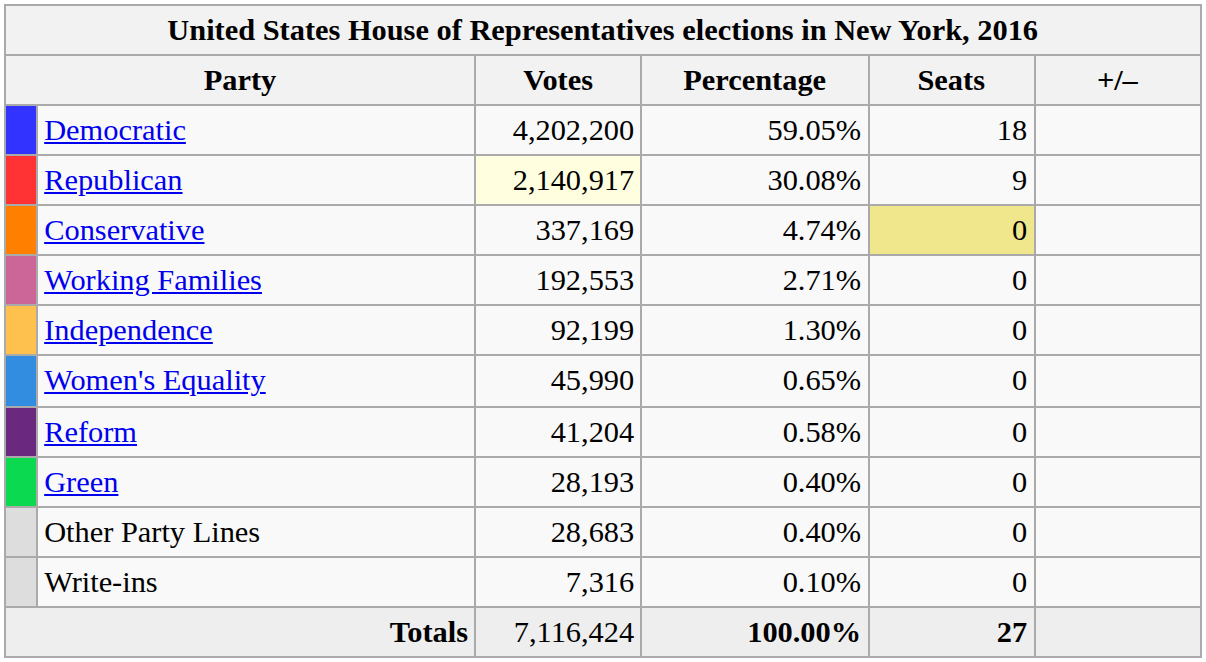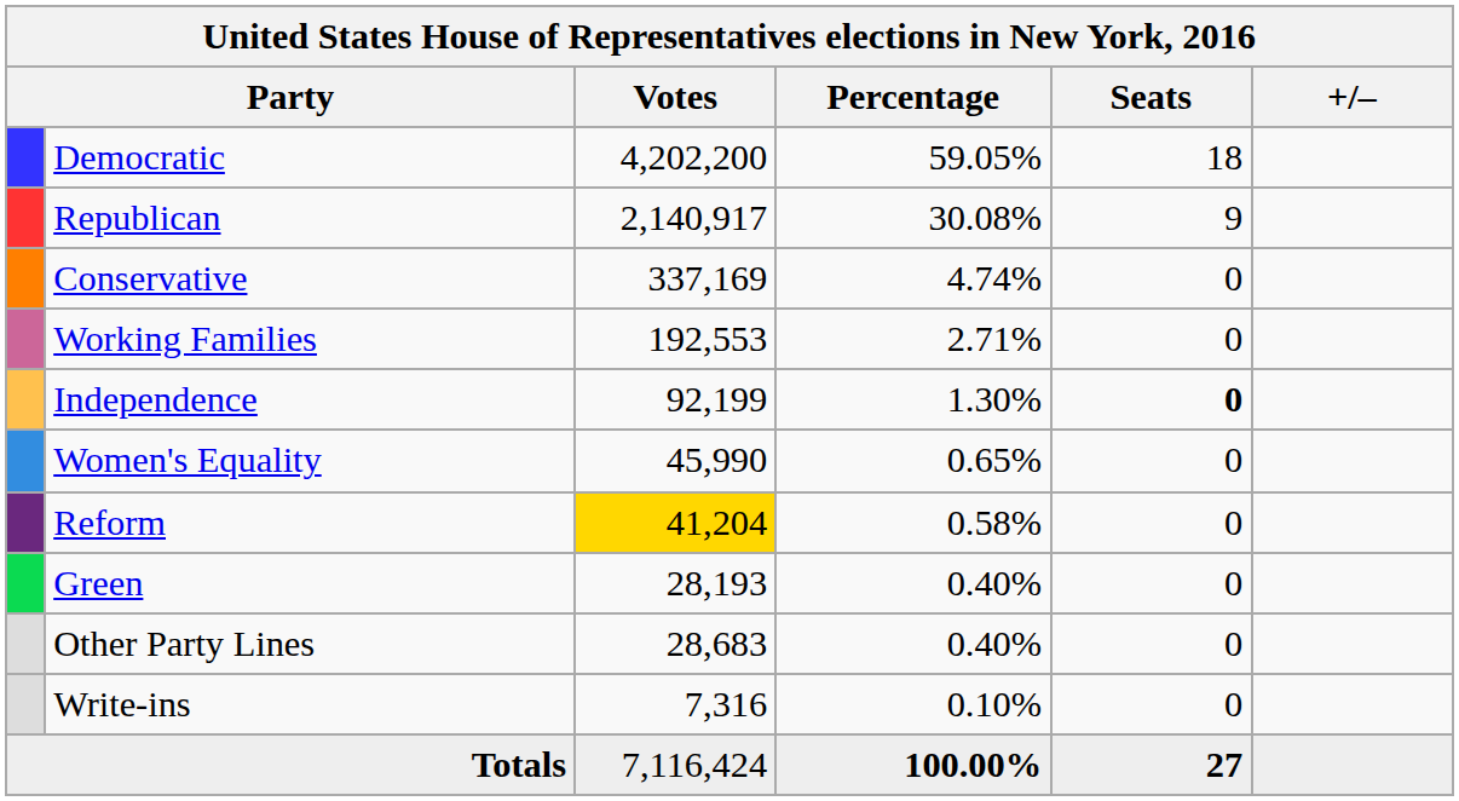 <table class="wikitable" style="font-size: 95%;">
 <tr>
 <th colspan="6">United States House of Representatives elections in New York, 2016</th>
 </tr>
 <tr>
 <th colspan=2 style="width: 15em">Party</th>
 <th style="width: 5em">Votes</th>
 <th style="width: 7em">Percentage</th>
 <th style="width: 5em">Seats</th>
 <th style="width: 5em">+/–</th>
 </tr>
 <tr>
 <th style="background:#33f; width:3px;"></th>
 <td style="width: 130px"><a href='#'>Democratic</a></td>
 <td style="text-align:right;">4,202,200</td>
 <td style="text-align:right;">59.05%</td>
 <td style="text-align:right;">18</td>
 <td style="text-align:right;"></td>
 </tr>
 <tr>
 <th style="background:#f33; width:3px;"></th>
 <td style="width: 130px"><a href='#'>Republican</a></td>
-<td style="background: lightyellow; text-align:right;">2,140,917</td>
+<td style="text-align:right;">2,140,917</td>
 <td style="text-align:right;">30.08%</td>
 <td style="text-align:right;">9</td>
 <td style="text-align:right;"></td>
 </tr>
 <tr>
 <th style="background:#ff7f00; width:3px;"></th>
 <td style="width: 130px"><a href='#'>Conservative</a></td>
 <td style="text-align:right;">337,169</td>
 <td style="text-align:right;">4.74%</td>
-<td style="background: khaki; text-align:right;">0</td>
+<td style="text-align:right;">0</td>
 <td style="text-align:right;"></td>
 </tr>
 <tr>
 <th style="background:#c69; width:3px;"></th>
 <td style="width: 130px"><a href='#'>Working Families</a></td>
 <td style="text-align:right;">192,553</td>
 <td style="text-align:right;">2.71%</td>
 <td style="text-align:right;">0</td>
 <td style="text-align:right;"></td>
 </tr>
 <tr>
 <th style="background:#FFC14E; width:3px;"></th>
 <td style="width: 130px"><a href='#'>Independence</a></td>
 <td style="text-align:right;">92,199</td>
 <td style="text-align:right;">1.30%</td>
-<td style="text-align:right;">0</td>
+<td style="text-align:right;"><strong>0</strong></td>
 <td style="text-align:right;"></td>
 </tr>
 <tr>
 <th style="background:#328DE0; width:3px;"></th>
 <td style="width: 130px"><a href='#'>Women's Equality</a></td>
 <td style="text-align:right;">45,990</td>
 <td style="text-align:right;">0.65%</td>
 <td style="text-align:right;">0</td>
 <td style="text-align:right;"></td>
 </tr>
 <tr>
 <th style="background:#6A287E; width:3px;"></th>
 <td style="width: 130px"><a href='#'>Reform</a></td>
-<td style="text-align:right;">41,204</td>
+<td style="background: gold; text-align:right;">41,204</td>
 <td style="text-align:right;">0.58%</td>
 <td style="text-align:right;">0</td>
 <td style="text-align:right;"></td>
 </tr>
 <tr>
 <th style="background:#0bda51; width:3px;"></th>
 <td style="width: 130px"><a href='#'>Green</a></td>
 <td style="text-align:right;">28,193</td>
 <td style="text-align:right;">0.40%</td>
 <td style="text-align:right;">0</td>
 <td style="text-align:right;"></td>
 </tr>
 <tr>
 <th style="background:#ddd; width:3px;"></th>
 <td style="width: 130px">Other Party Lines</td>
 <td style="text-align:right;">28,683</td>
 <td style="text-align:right;">0.40%</td>
 <td style="text-align:right;">0</td>
 <td style="text-align:right;"></td>
 </tr>
 <tr>
 <th style="background:#ddd; width:3px;"></th>
 <td style="width: 130px">Write-ins</td>
 <td style="text-align:right;">7,316</td>
 <td style="text-align:right;">0.10%</td>
 <td style="text-align:right;">0</td>
 <td style="text-align:right;"></td>
 </tr>
 <tr style="background:#eee; text-align:right;">
 <td colspan="2"><strong>Totals</strong></td>
 <td>7,116,424</td>
 <td><strong>100.00%</strong></td>
 <td><strong>27</strong></td>
 <td></td>
 </tr>
 </table>
